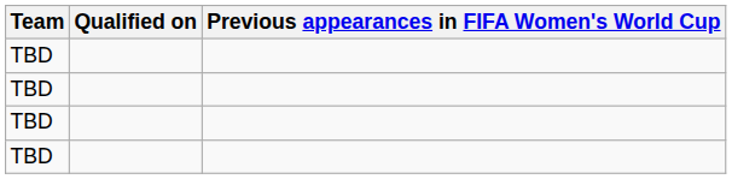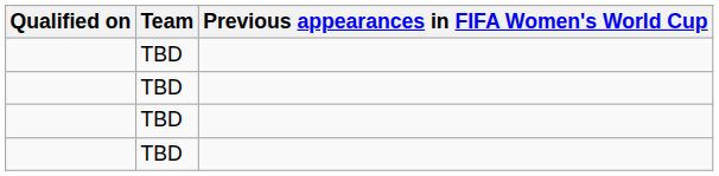 <table class="wikitable sortable">
 <tr>
+<th>Qualified on</th>
 <th>Team</th>
-<th>Qualified on</th>
 <th data-sort-type="number">Previous <a href='#'>appearances</a> in <a href='#'>FIFA Women's World Cup</a></th>
 </tr>
 <tr>
+<td></td>
 <td>TBD</td>
-<td></td>
 <td></td>
 </tr>
 <tr>
+<td></td>
 <td>TBD</td>
-<td></td>
 <td></td>
 </tr>
 <tr>
+<td></td>
 <td>TBD</td>
-<td></td>
 <td></td>
 </tr>
 <tr>
+<td></td>
 <td>TBD</td>
-<td></td>
 <td></td>
 </tr>
 </table>
